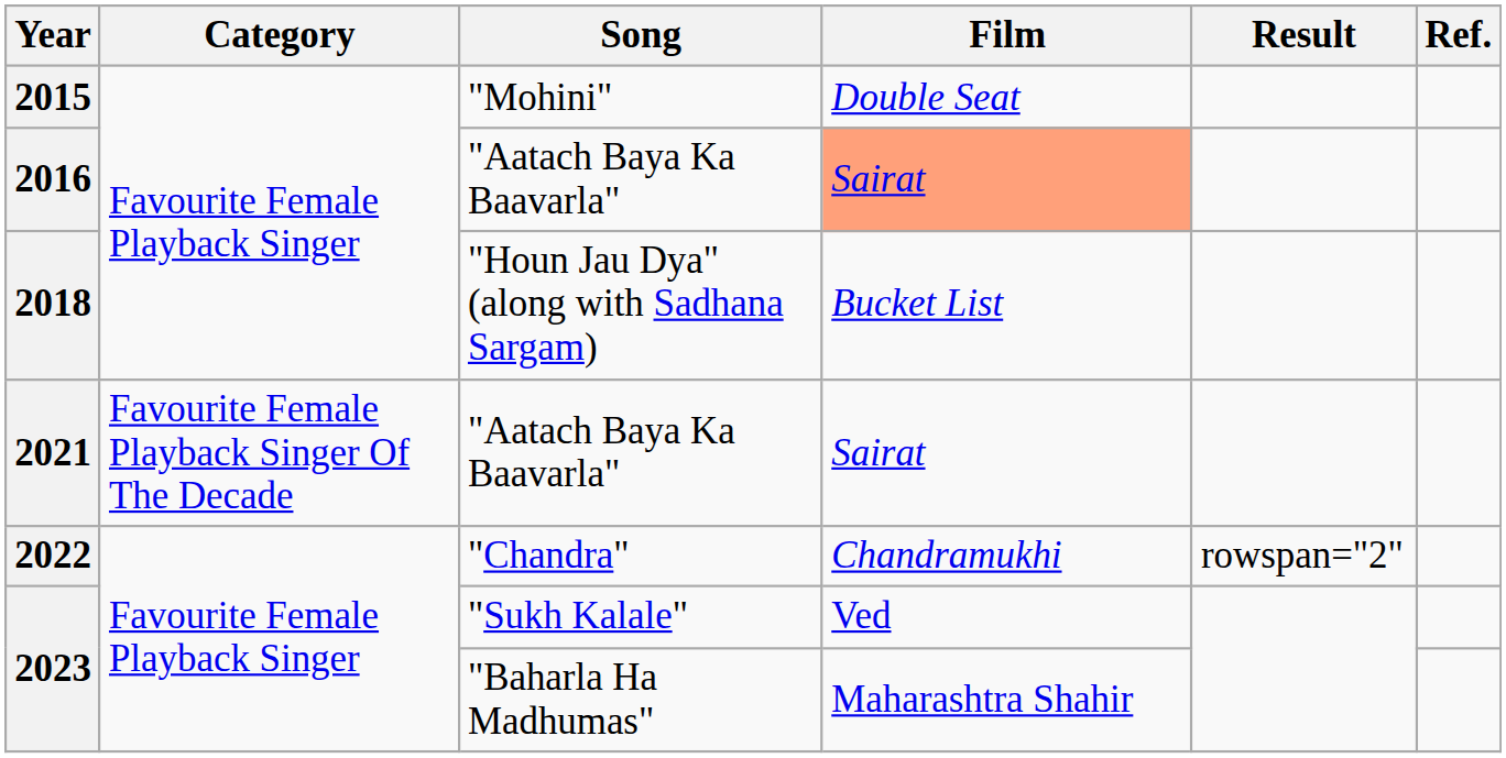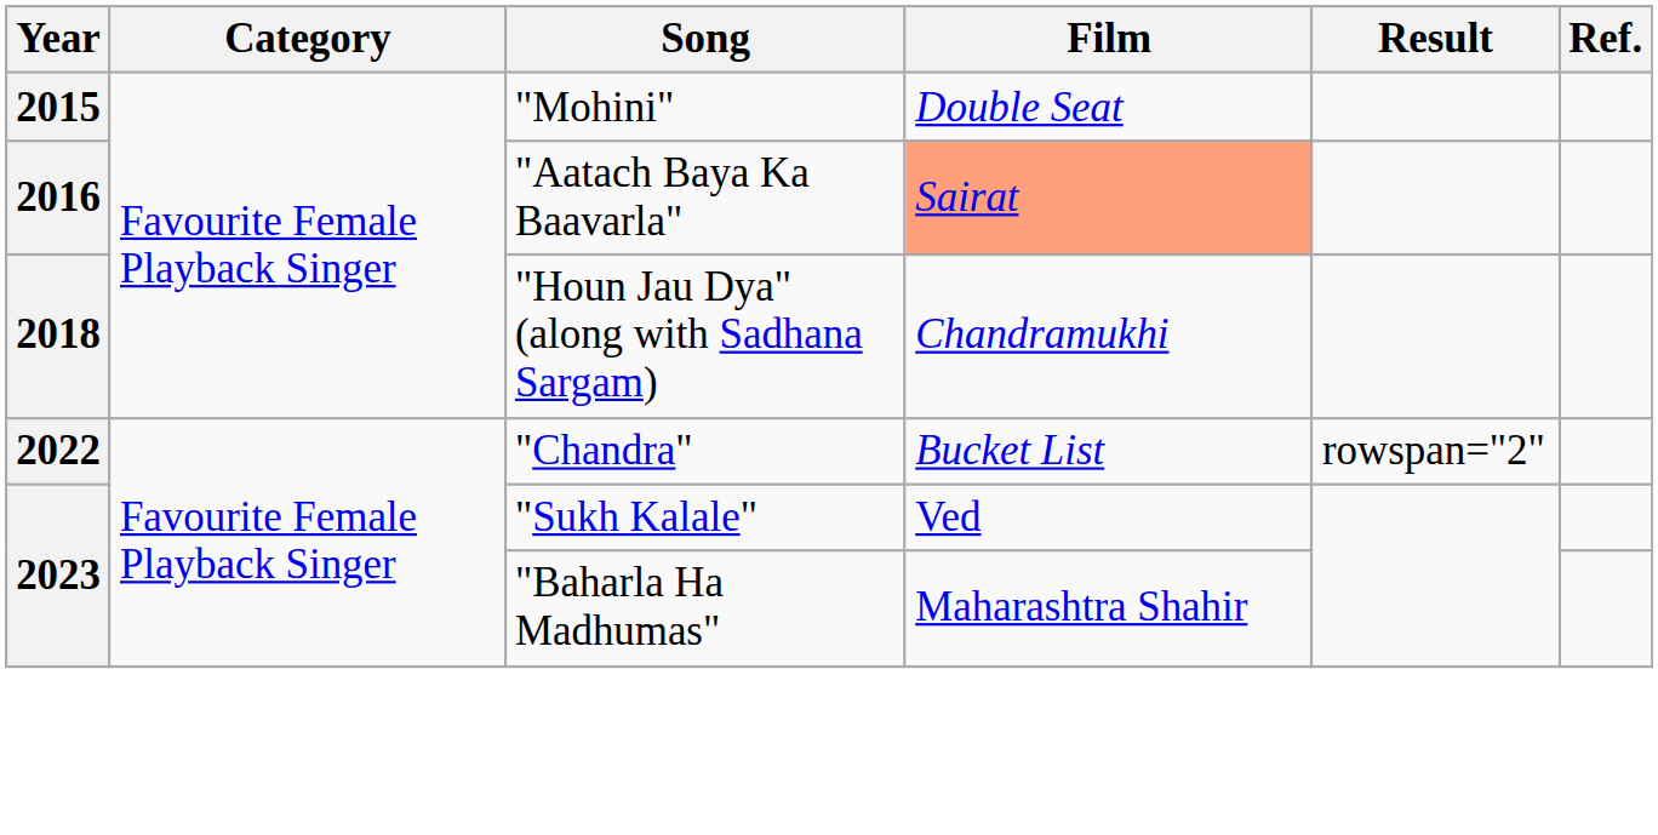 <table class="wikitable plainrowheaders" width="100%" textcolor:#000;">
 <tr>
 <th scope="col" width="5%"><strong>Year</strong></th>
 <th scope="col" width="26%"><strong>Category</strong></th>
 <th scope="col" width="26%"><strong>Song</strong></th>
 <th scope="col" width="26%"><strong>Film</strong></th>
 <th scope="col" width="15%"><strong>Result</strong></th>
 <th scope="col" width="2%"><strong>Ref.</strong></th>
 </tr>
 <tr>
 <th>2015</th>
 <td rowspan="3"><a href='#'>Favourite Female Playback Singer</a></td>
 <td>"Mohini"</td>
 <td><em><a href='#'>Double Seat</a></em></td>
 <td></td>
 <td></td>
 </tr>
 <tr>
 <th>2016</th>
 <td>"Aatach Baya Ka Baavarla"</td>
 <td style="background: lightsalmon;"><em><a href='#'>Sairat</a></em></td>
 <td></td>
 <td></td>
 </tr>
 <tr>
 <th>2018</th>
 <td>"Houn Jau Dya" (along with <a href='#'>Sadhana Sargam</a>)</td>
-<td><em><a href='#'>Bucket List</a></em></td>
-<td></td>
-<td></td>
-</tr>
-<tr>
-<th>2021</th>
-<td><a href='#'>Favourite Female Playback Singer Of The Decade</a></td>
-<td>"Aatach Baya Ka Baavarla"</td>
-<td><em><a href='#'>Sairat</a></em></td>
+<td><a href='#'><em>Chandramukhi</em></a></td>
 <td></td>
 <td></td>
 </tr>
 <tr>
 <th>2022</th>
 <td rowspan="3"><a href='#'>Favourite Female Playback Singer</a></td>
 <td>"<a href='#'>Chandra</a>"</td>
-<td><a href='#'><em>Chandramukhi</em></a></td>
+<td><em><a href='#'>Bucket List</a></em></td>
 <td>rowspan="2" </td>
 <td></td>
 </tr>
 <tr>
 <th rowspan="2">2023</th>
 <td>"<a href='#'>Sukh Kalale</a>"</td>
 <td><a href='#'>Ved</a></td>
 <td rowspan="2"></td>
 </tr>
 <tr>
 <td>"Baharla Ha Madhumas"</td>
 <td><a href='#'>Maharashtra Shahir</a></td>
 <td></td>
 </tr>
 </table>
